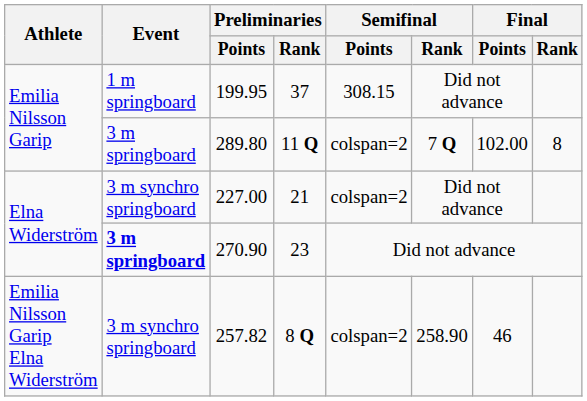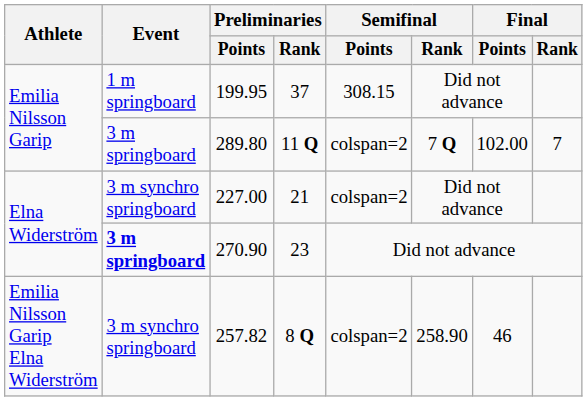 <table class="wikitable" style="text-align:center; font-size:90%; width:50%;">
 <tr>
 <th rowspan=2>Athlete</th>
 <th rowspan=2>Event</th>
 <th colspan=2>Preliminaries</th>
 <th colspan=2>Semifinal</th>
 <th colspan=2>Final</th>
 </tr>
 <tr style="font-size:95%">
 <th>Points</th>
 <th>Rank</th>
 <th>Points</th>
 <th>Rank</th>
 <th>Points</th>
 <th>Rank</th>
 </tr>
 <tr>
 <td align=left rowspan=2><a href='#'>Emilia Nilsson Garip</a></td>
 <td align=left><a href='#'>1 m springboard</a></td>
 <td>199.95</td>
 <td>37</td>
 <td>308.15</td>
 <td colspan=2>Did not advance</td>
 </tr>
 <tr>
 <td align=left><a href='#'>3 m springboard</a></td>
 <td>289.80</td>
 <td>11 <strong>Q</strong></td>
 <td>colspan=2 </td>
 <td>7 <strong>Q</strong></td>
 <td>102.00</td>
-<td>8</td>
+<td>7</td>
 </tr>
 <tr>
 <td align=left rowspan=2><a href='#'>Elna Widerström</a></td>
 <td align=left><a href='#'>3 m synchro springboard</a></td>
 <td>227.00</td>
 <td>21</td>
 <td>colspan=2 </td>
 <td colspan=2>Did not advance</td>
 </tr>
 <tr>
 <td align=left><strong><a href='#'>3 m springboard</a></strong></td>
 <td>270.90</td>
 <td>23</td>
 <td colspan=4>Did not advance</td>
 </tr>
 <tr>
 <td align=left><a href='#'>Emilia Nilsson Garip</a><br> <a href='#'>Elna Widerström</a></td>
 <td align=left><a href='#'>3 m synchro springboard</a></td>
 <td>257.82</td>
 <td>8 <strong>Q</strong></td>
 <td>colspan=2 </td>
 <td>258.90</td>
 <td>46</td>
 </tr>
 </table>
